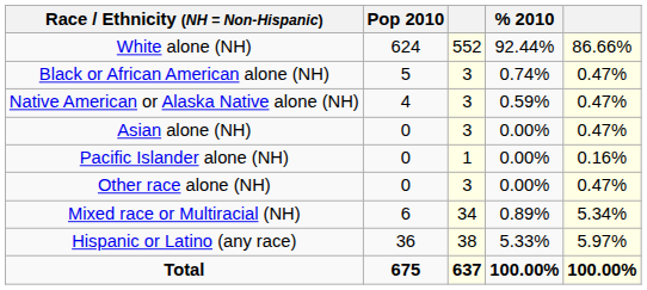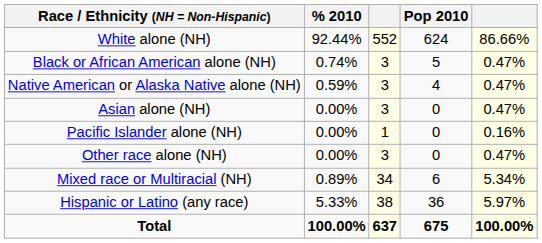 <table class="wikitable" style="text-align:center;">
 <tr>
 <th>Race / Ethnicity <small>(<em>NH = Non-Hispanic</em>)</small></th>
+<th>% 2010</th>
+<th></th>
 <th>Pop 2010</th>
-<th></th>
-<th>% 2010</th>
 <th></th>
 </tr>
 <tr>
 <td><a href='#'>White</a> alone (NH)</td>
+<td>92.44%</td>
+<td style='background: #ffffe6;'>552</td>
 <td>624</td>
-<td style='background: #ffffe6;'>552</td>
-<td>92.44%</td>
 <td style='background: #ffffe6;'>86.66%</td>
 </tr>
 <tr>
 <td><a href='#'>Black or African American</a> alone (NH)</td>
+<td>0.74%</td>
+<td style='background: #ffffe6;'>3</td>
 <td>5</td>
-<td style='background: #ffffe6;'>3</td>
-<td>0.74%</td>
 <td style='background: #ffffe6;'>0.47%</td>
 </tr>
 <tr>
 <td><a href='#'>Native American</a> or <a href='#'>Alaska Native</a> alone (NH)</td>
+<td>0.59%</td>
+<td style='background: #ffffe6;'>3</td>
 <td>4</td>
-<td style='background: #ffffe6;'>3</td>
-<td>0.59%</td>
 <td style='background: #ffffe6;'>0.47%</td>
 </tr>
 <tr>
 <td><a href='#'>Asian</a> alone (NH)</td>
+<td>0.00%</td>
+<td style='background: #ffffe6;'>3</td>
 <td>0</td>
-<td style='background: #ffffe6;'>3</td>
-<td>0.00%</td>
 <td style='background: #ffffe6;'>0.47%</td>
 </tr>
 <tr>
 <td><a href='#'>Pacific Islander</a> alone (NH)</td>
+<td>0.00%</td>
+<td style='background: #ffffe6;'>1</td>
 <td>0</td>
-<td style='background: #ffffe6;'>1</td>
-<td>0.00%</td>
 <td style='background: #ffffe6;'>0.16%</td>
 </tr>
 <tr>
 <td><a href='#'>Other race</a> alone (NH)</td>
+<td>0.00%</td>
+<td style='background: #ffffe6;'>3</td>
 <td>0</td>
-<td style='background: #ffffe6;'>3</td>
-<td>0.00%</td>
 <td style='background: #ffffe6;'>0.47%</td>
 </tr>
 <tr>
 <td><a href='#'>Mixed race or Multiracial</a> (NH)</td>
+<td>0.89%</td>
+<td style='background: #ffffe6;'>34</td>
 <td>6</td>
-<td style='background: #ffffe6;'>34</td>
-<td>0.89%</td>
 <td style='background: #ffffe6;'>5.34%</td>
 </tr>
 <tr>
 <td><a href='#'>Hispanic or Latino</a> (any race)</td>
+<td>5.33%</td>
+<td style='background: #ffffe6;'>38</td>
 <td>36</td>
-<td style='background: #ffffe6;'>38</td>
-<td>5.33%</td>
 <td style='background: #ffffe6;'>5.97%</td>
 </tr>
 <tr>
 <td><strong>Total</strong></td>
+<td><strong>100.00%</strong></td>
+<td style='background: #ffffe6;'><strong>637</strong></td>
 <td><strong>675</strong></td>
-<td style='background: #ffffe6;'><strong>637</strong></td>
-<td><strong>100.00%</strong></td>
 <td style='background: #ffffe6;'><strong>100.00%</strong></td>
 </tr>
 </table>
